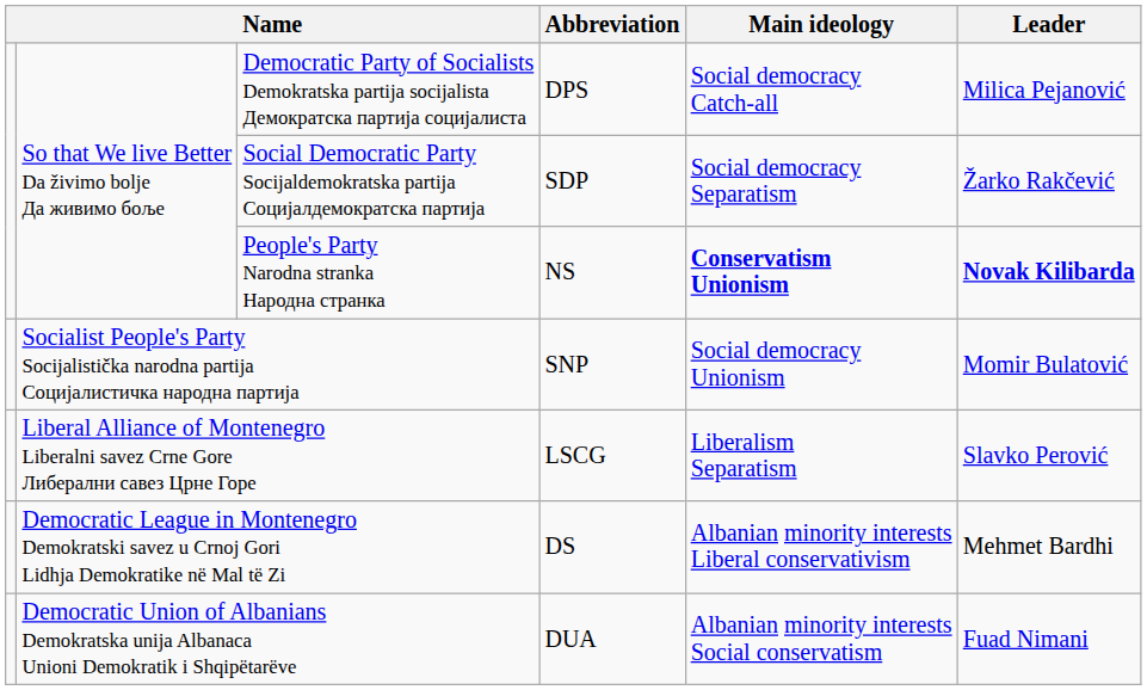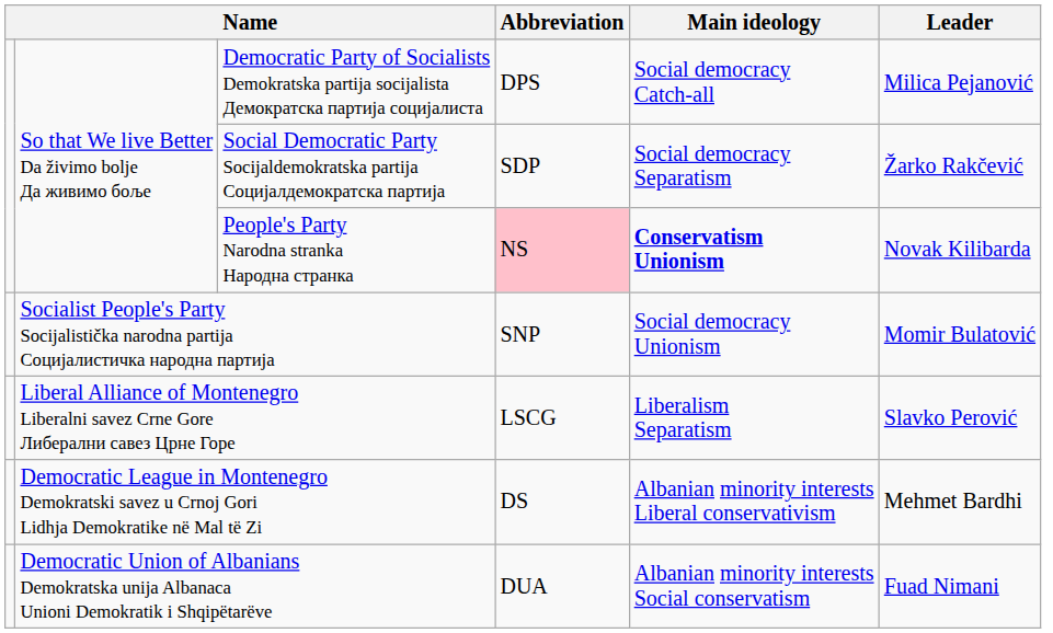 <table class="wikitable">
 <tr>
 <th colspan=3>Name</th>
 <th>Abbreviation</th>
 <th>Main ideology</th>
 <th>Leader</th>
 </tr>
 <tr>
 <td rowspan=3 bgcolor=></td>
 <td rowspan=3><a href='#'>So that We live Better</a><br><small>Da živimo bolje<br>Да живимо боље</small></td>
 <td><a href='#'>Democratic Party of Socialists</a><br><small>Demokratska partija socijalista<br>Демократска партија социјалиста</small></td>
 <td>DPS</td>
 <td><a href='#'>Social democracy</a><br><a href='#'>Catch-all</a></td>
 <td><a href='#'>Milica Pejanović</a></td>
 </tr>
 <tr>
 <td><a href='#'>Social Democratic Party</a><br><small>Socijaldemokratska partija<br>Социјалдемократска партија</small></td>
 <td>SDP</td>
 <td><a href='#'>Social democracy</a><br><a href='#'>Separatism</a></td>
 <td><a href='#'>Žarko Rakčević</a></td>
 </tr>
 <tr>
 <td><a href='#'>People's Party</a><br><small>Narodna stranka<br>Народна странка</small></td>
-<td>NS</td>
+<td style="background: pink;">NS</td>
 <td><strong><a href='#'>Conservatism</a><br><a href='#'>Unionism</a></strong></td>
-<td><strong><a href='#'>Novak Kilibarda</a></strong></td>
+<td><a href='#'>Novak Kilibarda</a></td>
 </tr>
 <tr>
 <td bgcolor=></td>
 <td colspan=2><a href='#'>Socialist People's Party</a><br><small>Socijalistička narodna partija<br>Социјалистичка народна партија</small></td>
 <td>SNP</td>
 <td><a href='#'>Social democracy</a><br><a href='#'>Unionism</a></td>
 <td><a href='#'>Momir Bulatović</a></td>
 </tr>
 <tr>
 <td bgcolor=></td>
 <td colspan=2><a href='#'>Liberal Alliance of Montenegro</a><br><small>Liberalni savez Crne Gore<br>Либерални савез Црне Горе</small></td>
 <td>LSCG</td>
 <td><a href='#'>Liberalism</a><br><a href='#'>Separatism</a></td>
 <td><a href='#'>Slavko Perović</a></td>
 </tr>
 <tr>
 <td bgcolor=></td>
 <td colspan=2><a href='#'>Democratic League in Montenegro</a><br><small>Demokratski savez u Crnoj Gori<br>Lidhja Demokratike në Mal të Zi</small></td>
 <td>DS</td>
 <td><a href='#'>Albanian</a> <a href='#'>minority interests</a><br><a href='#'>Liberal conservativism</a></td>
 <td>Mehmet Bardhi</td>
 </tr>
 <tr>
 <td bgcolor=></td>
 <td colspan=2><a href='#'>Democratic Union of Albanians</a><br><small>Demokratska unija Albanaca<br>Unioni Demokratik i Shqipëtarëve</small></td>
 <td>DUA</td>
 <td><a href='#'>Albanian</a> <a href='#'>minority interests</a><br><a href='#'>Social conservatism</a></td>
 <td><a href='#'>Fuad Nimani</a></td>
 </tr>
 </table>
